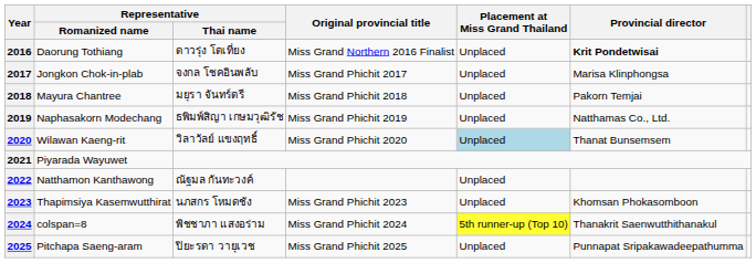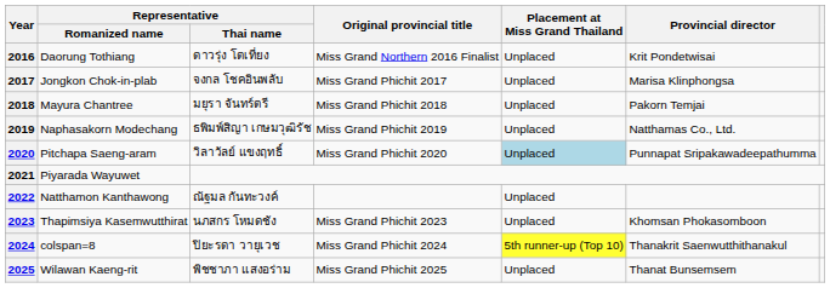 <table class="wikitable defaultcenter col2left col3left col6left" style="font-size:95%;">
 <tr>
 <th rowspan=2>Year</th>
 <th colspan=2>Representative</th>
 <th rowspan=2>Original provincial title</th>
 <th rowspan=2>Placement at<br>Miss Grand Thailand</th>
 <th rowspan=2>Provincial director</th>
 <th rowspan=2></th>
 </tr>
 <tr>
 <th>Romanized name</th>
 <th>Thai name</th>
 </tr>
 <tr>
 <th>2016</th>
 <td>Daorung Tothiang</td>
 <td>ดาวรุ่ง โตเที่ยง</td>
 <td>Miss Grand <a href='#'>Northern</a> 2016 Finalist</td>
 <td>Unplaced</td>
-<td><strong>Krit Pondetwisai</strong></td>
+<td>Krit Pondetwisai</td>
 <td></td>
 </tr>
 <tr>
 <th>2017</th>
 <td>Jongkon Chok-in-plab</td>
 <td>จงกล โชคอินพลับ</td>
 <td>Miss Grand Phichit 2017</td>
 <td>Unplaced</td>
 <td>Marisa Klinphongsa</td>
 <td></td>
 </tr>
 <tr>
 <th>2018</th>
 <td>Mayura Chantree</td>
 <td>มยุรา จันทร์ตรี</td>
 <td>Miss Grand Phichit 2018</td>
 <td>Unplaced</td>
 <td>Pakorn Temjai</td>
 <td></td>
 </tr>
 <tr>
 <th>2019</th>
 <td>Naphasakorn Modechang</td>
 <td>ธพิมพ์สิญา เกษมวุฒิรัช</td>
 <td>Miss Grand Phichit 2019</td>
 <td>Unplaced</td>
 <td>Natthamas Co., Ltd.</td>
 <td></td>
 </tr>
 <tr>
 <th><a href='#'>2020</a></th>
-<td>Wilawan Kaeng-rit</td>
+<td>Pitchapa Saeng-aram</td>
 <td>วิลาวัลย์ แขงฤทธิ์</td>
 <td>Miss Grand Phichit 2020</td>
 <td style="background: lightblue;">Unplaced</td>
-<td>Thanat Bunsemsem</td>
+<td>Punnapat Sripakawadeepathumma</td>
 <td></td>
 </tr>
 <tr>
 <th>2021</th>
 <td>Piyarada Wayuwet</td>
 </tr>
 <tr>
 <th><a href='#'>2022</a></th>
 <td>Natthamon Kanthawong</td>
 <td>ณัฐมล กันทะวงค์</td>
 <td></td>
 <td>Unplaced</td>
 <td></td>
 <td></td>
 </tr>
 <tr>
 <th><a href='#'>2023</a></th>
 <td>Thapimsiya Kasemwutthirat</td>
 <td>นภสกร โหมดชัง</td>
 <td>Miss Grand Phichit 2023</td>
 <td>Unplaced</td>
 <td>Khomsan Phokasomboon</td>
 <td></td>
 </tr>
 <tr>
 <th><a href='#'>2024</a></th>
 <td>colspan=8 </td>
-<td>พิชชาภา แสงอร่าม</td>
+<td>ปิยะรดา วายุเวช</td>
 <td>Miss Grand Phichit 2024</td>
 <td bgcolor=#FFFF33>5th runner-up (Top 10)</td>
 <td>Thanakrit Saenwutthithanakul</td>
 <td></td>
 </tr>
 <tr>
 <th><a href='#'>2025</a></th>
-<td>Pitchapa Saeng-aram</td>
-<td>ปิยะรดา วายุเวช</td>
+<td>Wilawan Kaeng-rit</td>
+<td>พิชชาภา แสงอร่าม</td>
 <td>Miss Grand Phichit 2025</td>
 <td>Unplaced</td>
-<td>Punnapat Sripakawadeepathumma</td>
+<td>Thanat Bunsemsem</td>
 <td></td>
 </tr>
 </table>
